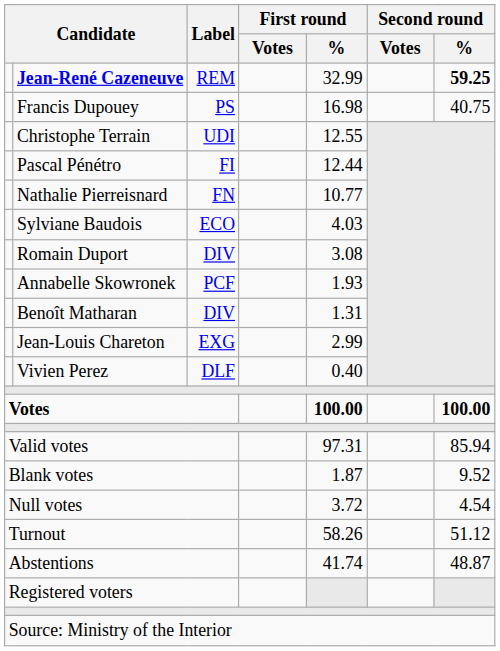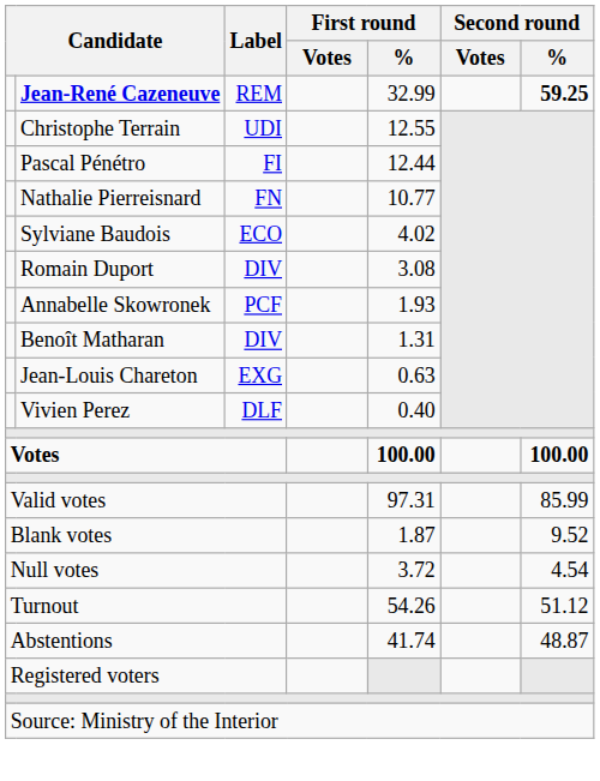 <table class="wikitable" style="text-align:right;font-size:95%;">
 <tr>
 <th rowspan="2" colspan="2">Candidate</th>
 <th rowspan="2">Label</th>
 <th colspan="2">First round</th>
 <th colspan="2">Second round</th>
 </tr>
 <tr>
 <th style="width:50px;">Votes</th>
 <th style="width:45px;">%</th>
 <th style="width:50px;">Votes</th>
 <th style="width:45px;">%</th>
 </tr>
 <tr>
 <td style="color:inherit;background:"></td>
 <td style="text-align:left;"><strong><a href='#'>Jean-René Cazeneuve</a></strong></td>
 <td><a href='#'>REM</a></td>
 <td></td>
 <td>32.99</td>
 <td><strong></strong></td>
 <td><strong>59.25</strong></td>
-</tr>
-<tr>
-<td style="color:inherit;background:"></td>
-<td style="text-align:left;">Francis Dupouey</td>
-<td><a href='#'>PS</a></td>
-<td></td>
-<td>16.98</td>
-<td></td>
-<td>40.75</td>
 </tr>
 <tr>
 <td style="color:inherit;background:"></td>
 <td style="text-align:left;">Christophe Terrain</td>
 <td><a href='#'>UDI</a></td>
 <td></td>
 <td>12.55</td>
 <td colspan="2" rowspan="9" style="background:#E9E9E9;"></td>
 </tr>
 <tr>
 <td style="color:inherit;background:"></td>
 <td style="text-align:left;">Pascal Pénétro</td>
 <td><a href='#'>FI</a></td>
 <td></td>
 <td>12.44</td>
 </tr>
 <tr>
 <td style="color:inherit;background:"></td>
 <td style="text-align:left;">Nathalie Pierreisnard</td>
 <td><a href='#'>FN</a></td>
 <td></td>
 <td>10.77</td>
 </tr>
 <tr>
 <td style="color:inherit;background:"></td>
 <td style="text-align:left;">Sylviane Baudois</td>
 <td><a href='#'>ECO</a></td>
 <td></td>
-<td>4.03</td>
+<td>4.02</td>
 </tr>
 <tr>
 <td style="color:inherit;background:"></td>
 <td style="text-align:left;">Romain Duport</td>
 <td><a href='#'>DIV</a></td>
 <td></td>
 <td>3.08</td>
 </tr>
 <tr>
 <td style="color:inherit;background:"></td>
 <td style="text-align:left;">Annabelle Skowronek</td>
 <td><a href='#'>PCF</a></td>
 <td></td>
 <td>1.93</td>
 </tr>
 <tr>
 <td style="color:inherit;background:"></td>
 <td style="text-align:left;">Benoît Matharan</td>
 <td><a href='#'>DIV</a></td>
 <td></td>
 <td>1.31</td>
 </tr>
 <tr>
 <td style="color:inherit;background:"></td>
 <td style="text-align:left;">Jean-Louis Chareton</td>
 <td><a href='#'>EXG</a></td>
 <td></td>
-<td>2.99</td>
+<td>0.63</td>
 </tr>
 <tr>
 <td style="color:inherit;background:"></td>
 <td style="text-align:left;">Vivien Perez</td>
 <td><a href='#'>DLF</a></td>
 <td></td>
 <td>0.40</td>
 </tr>
 <tr>
 <td colspan="7" style="background:#E9E9E9;"></td>
 </tr>
 <tr style="font-weight:bold;">
 <td colspan="3" style="text-align:left;">Votes</td>
 <td></td>
 <td>100.00</td>
 <td></td>
 <td>100.00</td>
 </tr>
 <tr>
 <td colspan="7" style="background:#E9E9E9;"></td>
 </tr>
 <tr>
 <td colspan="3" style="text-align:left;">Valid votes</td>
 <td></td>
 <td>97.31</td>
 <td></td>
-<td>85.94</td>
+<td>85.99</td>
 </tr>
 <tr>
 <td colspan="3" style="text-align:left;">Blank votes</td>
 <td></td>
 <td>1.87</td>
 <td></td>
 <td>9.52</td>
 </tr>
 <tr>
 <td colspan="3" style="text-align:left;">Null votes</td>
 <td></td>
 <td>3.72</td>
 <td></td>
 <td>4.54</td>
 </tr>
 <tr>
 <td colspan="3" style="text-align:left;">Turnout</td>
 <td></td>
-<td>58.26</td>
+<td>54.26</td>
 <td></td>
 <td>51.12</td>
 </tr>
 <tr>
 <td colspan="3" style="text-align:left;">Abstentions</td>
 <td></td>
 <td>41.74</td>
 <td></td>
 <td>48.87</td>
 </tr>
 <tr>
 <td colspan="3" style="text-align:left;">Registered voters</td>
 <td></td>
 <td style="color:inherit;background:#E9E9E9;"></td>
 <td></td>
 <td style="color:inherit;background:#E9E9E9;"></td>
 </tr>
 <tr>
 <td colspan="7" style="background:#E9E9E9;"></td>
 </tr>
 <tr>
 <td colspan="7" style="text-align:left;">Source: Ministry of the Interior</td>
 </tr>
 </table>
